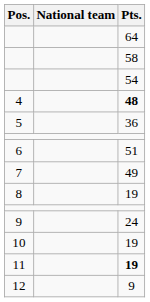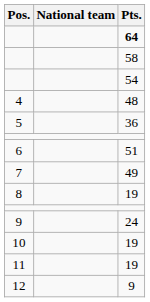 <table class=wikitable style="font-size: 95%">
 <tr>
 <th>Pos.</th>
 <th>National team</th>
 <th>Pts.</th>
 </tr>
 <tr align=center>
 <td></td>
 <td align=left></td>
-<td>64</td>
+<td><strong>64</strong></td>
 </tr>
 <tr align=center>
 <td></td>
 <td align=left></td>
 <td>58</td>
 </tr>
 <tr align=center>
 <td></td>
 <td align=left></td>
 <td>54</td>
 </tr>
 <tr align=center>
 <td>4</td>
 <td align=left></td>
-<td><strong>48</strong></td>
+<td>48</td>
 </tr>
 <tr align=center>
 <td>5</td>
 <td align=left></td>
 <td>36</td>
 </tr>
 <tr>
 <td colspan=3 ></td>
 </tr>
 <tr align=center>
 <td>6</td>
 <td align=left></td>
 <td>51</td>
 </tr>
 <tr align=center>
 <td>7</td>
 <td align=left></td>
 <td>49</td>
 </tr>
 <tr align=center>
 <td>8</td>
 <td align=left></td>
 <td>19</td>
 </tr>
 <tr>
 <td colspan=3 ></td>
 </tr>
 <tr align=center>
 <td>9</td>
 <td align=left></td>
 <td>24</td>
 </tr>
 <tr align=center>
 <td>10</td>
 <td align=left></td>
 <td>19</td>
 </tr>
 <tr align=center>
 <td>11</td>
 <td align=left></td>
-<td><strong>19</strong></td>
+<td>19</td>
 </tr>
 <tr align=center>
 <td>12</td>
 <td align=left></td>
 <td>9</td>
 </tr>
 </table>
